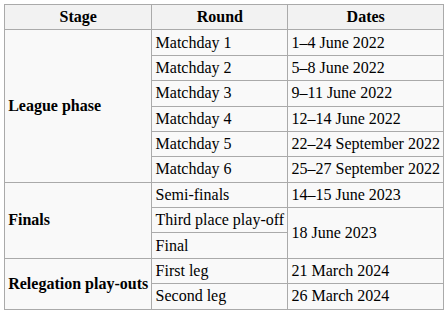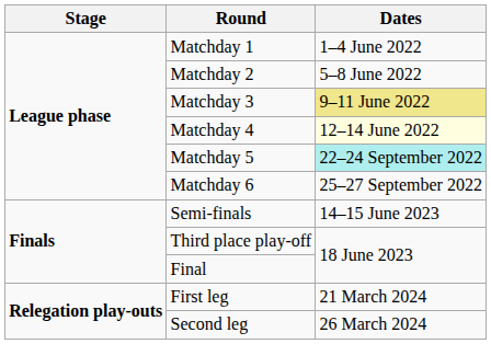 <table class="wikitable">
 <tr>
 <th>Stage</th>
 <th>Round</th>
 <th>Dates</th>
 </tr>
 <tr>
 <td rowspan="6"><strong>League phase</strong></td>
 <td>Matchday 1</td>
 <td>1–4 June 2022</td>
 </tr>
 <tr>
 <td>Matchday 2</td>
 <td>5–8 June 2022</td>
 </tr>
 <tr>
 <td>Matchday 3</td>
-<td>9–11 June 2022</td>
+<td style="background: khaki;">9–11 June 2022</td>
 </tr>
 <tr>
 <td>Matchday 4</td>
-<td>12–14 June 2022</td>
+<td style="background: lightyellow;">12–14 June 2022</td>
 </tr>
 <tr>
 <td>Matchday 5</td>
-<td>22–24 September 2022</td>
+<td style="background: paleturquoise;">22–24 September 2022</td>
 </tr>
 <tr>
 <td>Matchday 6</td>
 <td>25–27 September 2022</td>
 </tr>
 <tr>
 <td rowspan="3"><strong>Finals</strong></td>
 <td>Semi-finals</td>
 <td>14–15 June 2023</td>
 </tr>
 <tr>
 <td>Third place play-off</td>
 <td rowspan="2">18 June 2023</td>
 </tr>
 <tr>
 <td>Final</td>
 </tr>
 <tr>
 <td rowspan="2"><strong>Relegation play-outs</strong></td>
 <td>First leg</td>
 <td>21 March 2024</td>
 </tr>
 <tr>
 <td>Second leg</td>
 <td>26 March 2024</td>
 </tr>
 </table>
